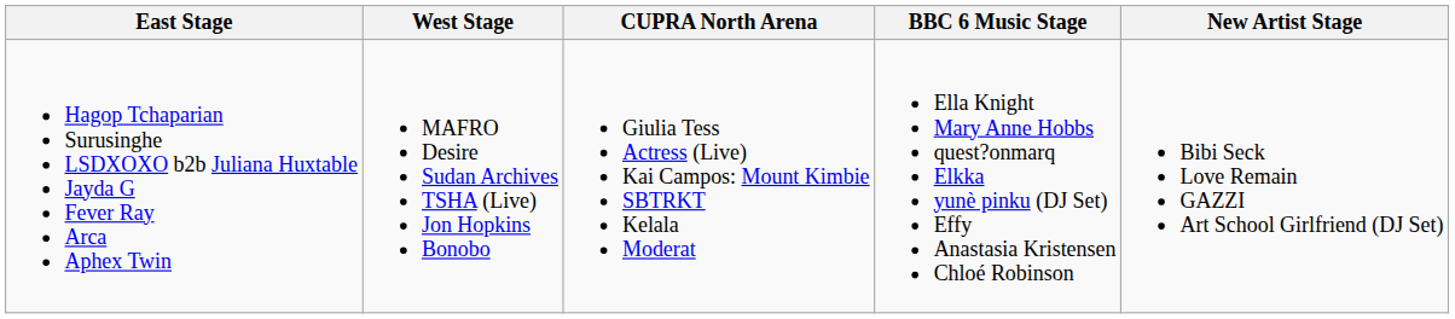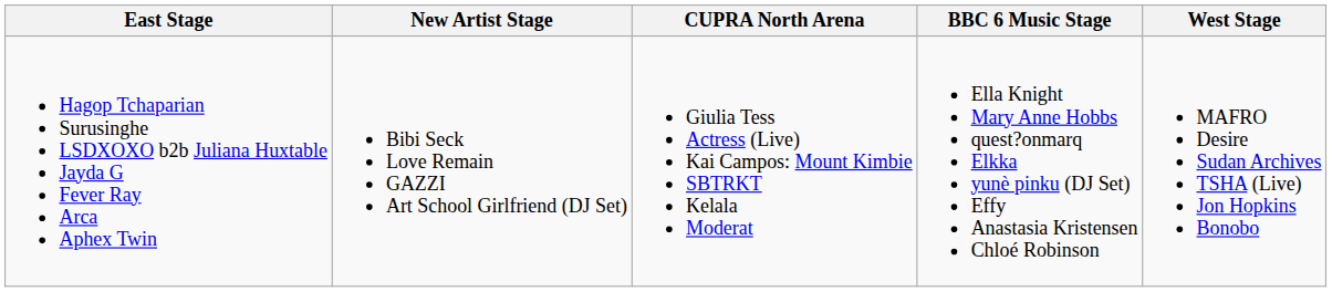 <table class="wikitable">
 <tr>
 <th>East Stage</th>
-<th>West Stage</th>
+<th>New Artist Stage</th>
 <th>CUPRA North Arena</th>
 <th>BBC 6 Music Stage</th>
-<th>New Artist Stage</th>
+<th>West Stage</th>
 </tr>
 <tr>
 <td><br><ul><li><a href='#'>Hagop Tchaparian</a></li><li>Surusinghe</li><li><a href='#'>LSDXOXO</a> b2b <a href='#'>Juliana Huxtable</a></li><li><a href='#'>Jayda G</a></li><li><a href='#'>Fever Ray</a></li><li><a href='#'>Arca</a></li><li><a href='#'>Aphex Twin</a></li></ul></td>
-<td><br><ul><li>MAFRO</li><li>Desire</li><li><a href='#'>Sudan Archives</a></li><li><a href='#'>TSHA</a> (Live)</li><li><a href='#'>Jon Hopkins</a></li><li><a href='#'>Bonobo</a></li></ul></td>
+<td><br><ul><li>Bibi Seck</li><li>Love Remain</li><li>GAZZI</li><li>Art School Girlfriend (DJ Set)</li></ul></td>
 <td><br><ul><li>Giulia Tess</li><li><a href='#'>Actress</a> (Live)</li><li>Kai Campos: <a href='#'>Mount Kimbie</a></li><li><a href='#'>SBTRKT</a></li><li>Kelala</li><li><a href='#'>Moderat</a></li></ul></td>
 <td><br><ul><li>Ella Knight</li><li><a href='#'>Mary Anne Hobbs</a></li><li>quest?onmarq</li><li><a href='#'>Elkka</a></li><li><a href='#'>yunè pinku</a> (DJ Set)</li><li>Effy</li><li>Anastasia Kristensen</li><li>Chloé Robinson</li></ul></td>
-<td><br><ul><li>Bibi Seck</li><li>Love Remain</li><li>GAZZI</li><li>Art School Girlfriend (DJ Set)</li></ul></td>
+<td><br><ul><li>MAFRO</li><li>Desire</li><li><a href='#'>Sudan Archives</a></li><li><a href='#'>TSHA</a> (Live)</li><li><a href='#'>Jon Hopkins</a></li><li><a href='#'>Bonobo</a></li></ul></td>
 </tr>
 </table>
